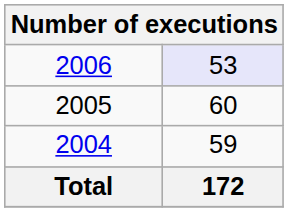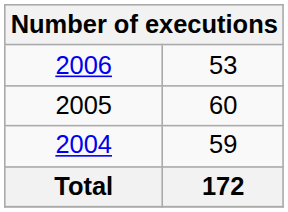 <table class="wikitable" style="text-align:center;">
 <tr>
 <th colspan="2">Number of executions</th>
 </tr>
 <tr>
 <td><a href='#'>2006</a></td>
-<td style="background: lavender;">53</td>
+<td>53</td>
 </tr>
 <tr>
 <td>2005</td>
 <td>60</td>
 </tr>
 <tr>
 <td><a href='#'>2004</a></td>
 <td>59</td>
 </tr>
 <tr>
 <th>Total</th>
 <th>172</th>
 </tr>
 <tr>
 </tr>
 </table>
